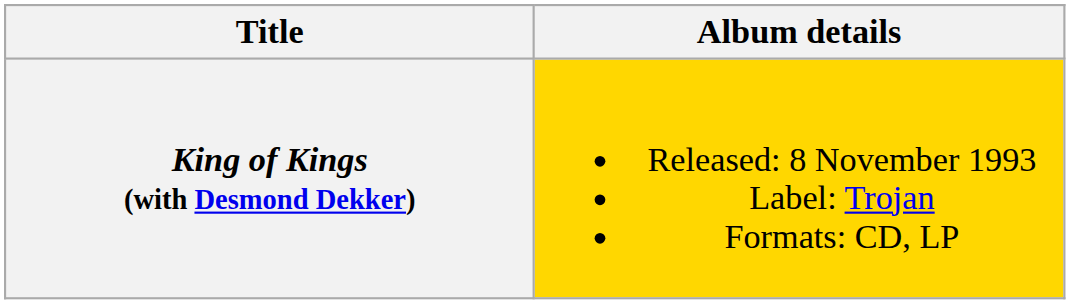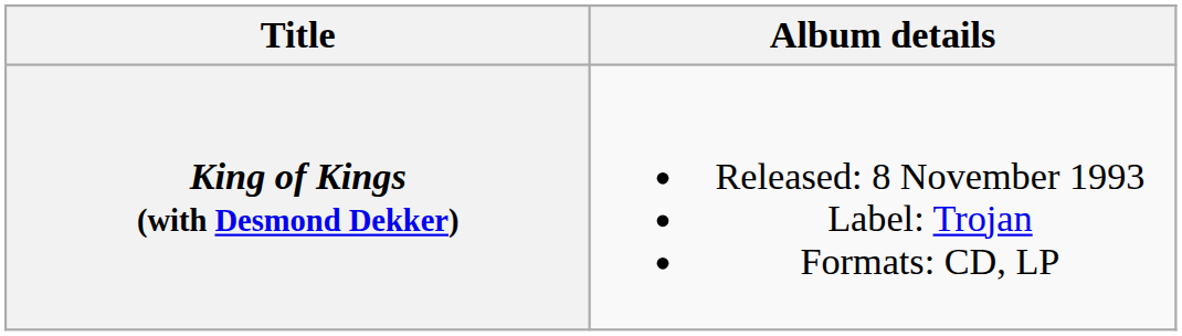 <table class="wikitable plainrowheaders" style="text-align:center;">
 <tr>
 <th scope="col" style="width:15em;">Title</th>
 <th scope="col" style="width:15em;">Album details</th>
 </tr>
 <tr>
 <th scope="row"><em>King of Kings</em><br><small>(with <a href='#'>Desmond Dekker</a>)</small></th>
-<td style="background: gold;"><br><ul><li>Released: 8 November 1993</li><li>Label: <a href='#'>Trojan</a></li><li>Formats: CD, LP</li></ul></td>
+<td><br><ul><li>Released: 8 November 1993</li><li>Label: <a href='#'>Trojan</a></li><li>Formats: CD, LP</li></ul></td>
 </tr>
 </table>
